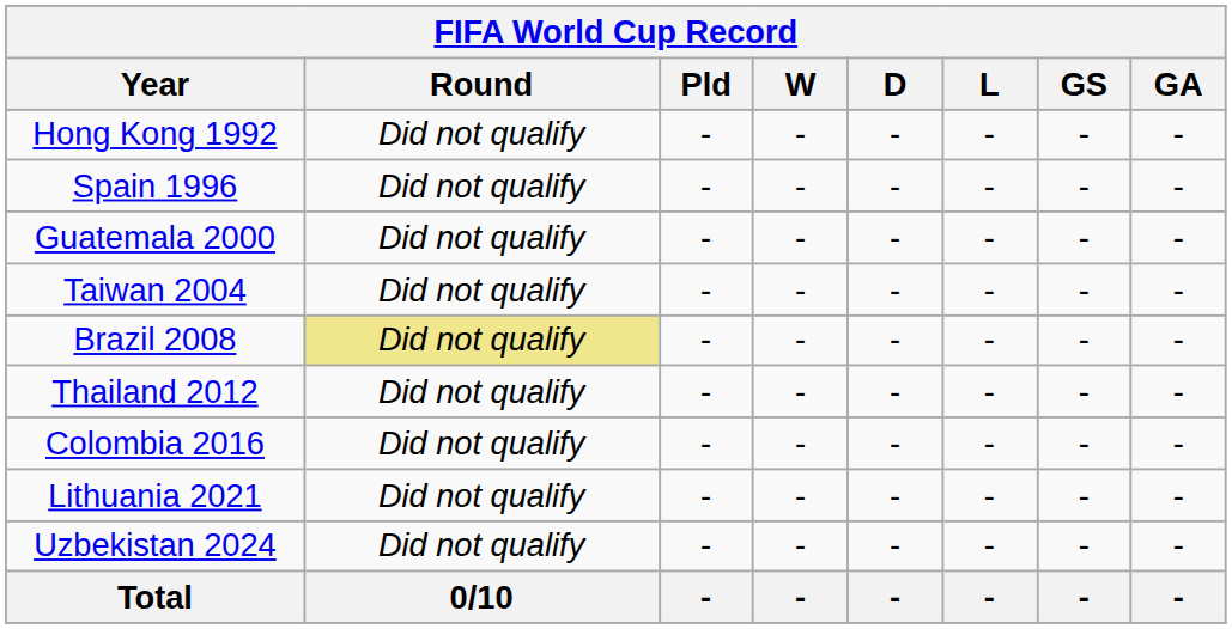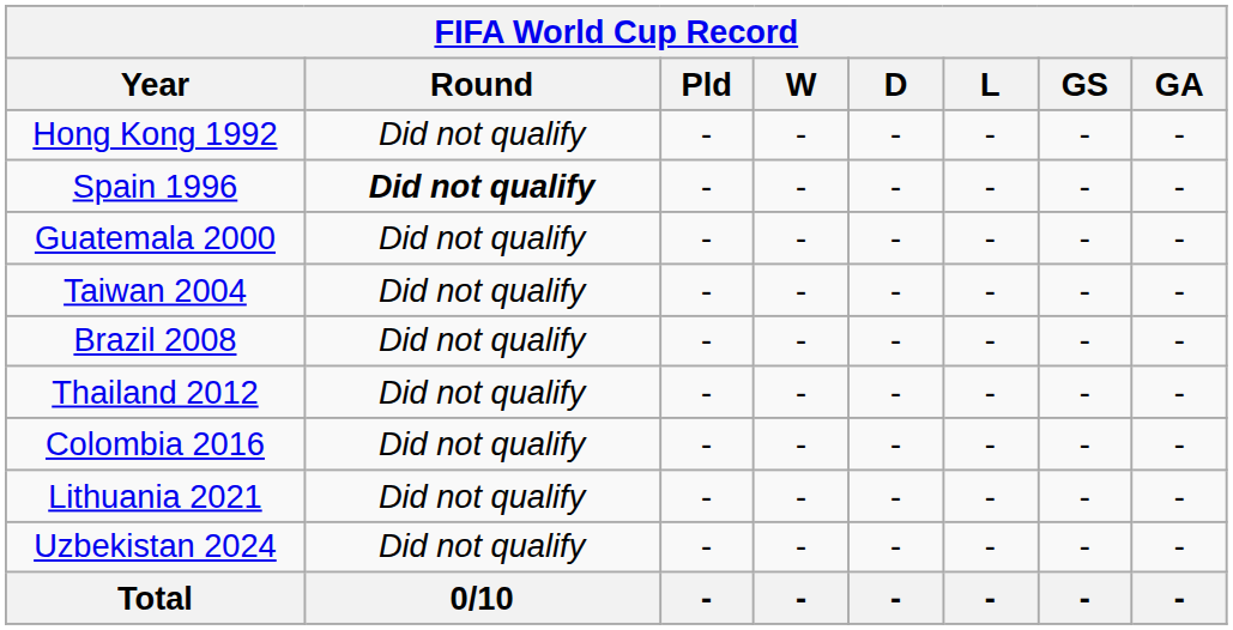 <table class="wikitable" style="text-align: center;font-size:90%;">
 <tr>
 <th colspan=8><a href='#'>FIFA World Cup Record</a></th>
 </tr>
 <tr>
 <th width=125>Year</th>
 <th width=150>Round</th>
 <th width=35>Pld</th>
 <th width=35>W</th>
 <th width=35>D</th>
 <th width=35>L</th>
 <th width=35>GS</th>
 <th width=35>GA</th>
 </tr>
 <tr>
 <td><a href='#'>Hong Kong 1992</a></td>
 <td><em>Did not qualify</em></td>
 <td>-</td>
 <td>-</td>
 <td>-</td>
 <td>-</td>
 <td>-</td>
 <td>-</td>
 </tr>
 <tr>
 <td><a href='#'>Spain 1996</a></td>
-<td><em>Did not qualify</em></td>
+<td><strong><em>Did not qualify</em></strong></td>
 <td>-</td>
 <td>-</td>
 <td>-</td>
 <td>-</td>
 <td>-</td>
 <td>-</td>
 </tr>
 <tr>
 <td><a href='#'>Guatemala 2000</a></td>
 <td><em>Did not qualify</em></td>
 <td>-</td>
 <td>-</td>
 <td>-</td>
 <td>-</td>
 <td>-</td>
 <td>-</td>
 </tr>
 <tr>
 <td><a href='#'>Taiwan 2004</a></td>
 <td><em>Did not qualify</em></td>
 <td>-</td>
 <td>-</td>
 <td>-</td>
 <td>-</td>
 <td>-</td>
 <td>-</td>
 </tr>
 <tr>
 <td><a href='#'>Brazil 2008</a></td>
-<td style="background: khaki;"><em>Did not qualify</em></td>
+<td><em>Did not qualify</em></td>
 <td>-</td>
 <td>-</td>
 <td>-</td>
 <td>-</td>
 <td>-</td>
 <td>-</td>
 </tr>
 <tr>
 <td><a href='#'>Thailand 2012</a></td>
 <td><em>Did not qualify</em></td>
 <td>-</td>
 <td>-</td>
 <td>-</td>
 <td>-</td>
 <td>-</td>
 <td>-</td>
 </tr>
 <tr>
 <td><a href='#'>Colombia 2016</a></td>
 <td><em>Did not qualify</em></td>
 <td>-</td>
 <td>-</td>
 <td>-</td>
 <td>-</td>
 <td>-</td>
 <td>-</td>
 </tr>
 <tr>
 <td><a href='#'>Lithuania 2021</a></td>
 <td><em>Did not qualify</em></td>
 <td>-</td>
 <td>-</td>
 <td>-</td>
 <td>-</td>
 <td>-</td>
 <td>-</td>
 </tr>
 <tr>
 <td><a href='#'>Uzbekistan 2024</a></td>
 <td><em>Did not qualify</em></td>
 <td>-</td>
 <td>-</td>
 <td>-</td>
 <td>-</td>
 <td>-</td>
 <td>-</td>
 </tr>
 <tr>
 <th><strong>Total</strong></th>
 <th>0/10</th>
 <th>-</th>
 <th>-</th>
 <th>-</th>
 <th>-</th>
 <th>-</th>
 <th>-</th>
 </tr>
 </table>
